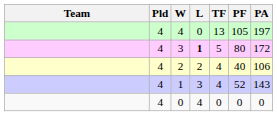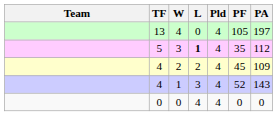 <table class="wikitable" style="text-align:center">
 <tr>
 <th width="200">Team</th>
-<th width="20">Pld</th>
+<th width="20">TF</th>
 <th width="20">W</th>
 <th width="20">L</th>
-<th width="20">TF</th>
+<th width="20">Pld</th>
 <th width="20">PF</th>
 <th width="20">PA</th>
 </tr>
 <tr style="background:#cfc">
 <td align=left></td>
-<td align=center>4</td>
+<td>13</td>
 <td align=center>4</td>
 <td align=center>0</td>
-<td>13</td>
+<td align=center>4</td>
 <td>105</td>
 <td>197</td>
 </tr>
 <tr style="background:#ffccff">
 <td align=left></td>
-<td align=center>4</td>
+<td>5</td>
 <td align=center>3</td>
 <td align=center><strong>1</strong></td>
-<td>5</td>
-<td>80</td>
-<td>172</td>
+<td align=center>4</td>
+<td>35</td>
+<td>112</td>
 </tr>
 <tr style="background:#ffc">
 <td align=left></td>
-<td align=center>4</td>
+<td>4</td>
 <td align=center>2</td>
 <td align=center>2</td>
-<td>4</td>
-<td>40</td>
-<td>106</td>
+<td align=center>4</td>
+<td>45</td>
+<td>109</td>
 </tr>
 <tr bgcolor=ccccff>
 <td align=left></td>
-<td align=center>4</td>
+<td>4</td>
 <td align=center>1</td>
 <td align=center>3</td>
-<td>4</td>
+<td align=center>4</td>
 <td>52</td>
 <td>143</td>
 </tr>
 <tr>
 <td align=left></td>
-<td align=center>4</td>
+<td>0</td>
 <td align=center>0</td>
 <td align=center>4</td>
-<td>0</td>
+<td align=center>4</td>
 <td>0</td>
 <td>0</td>
 </tr>
 </table>
